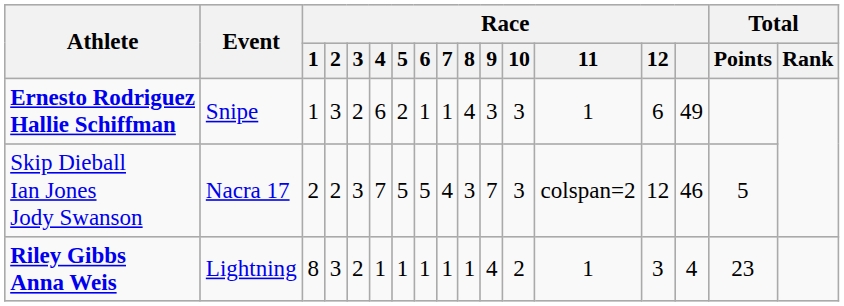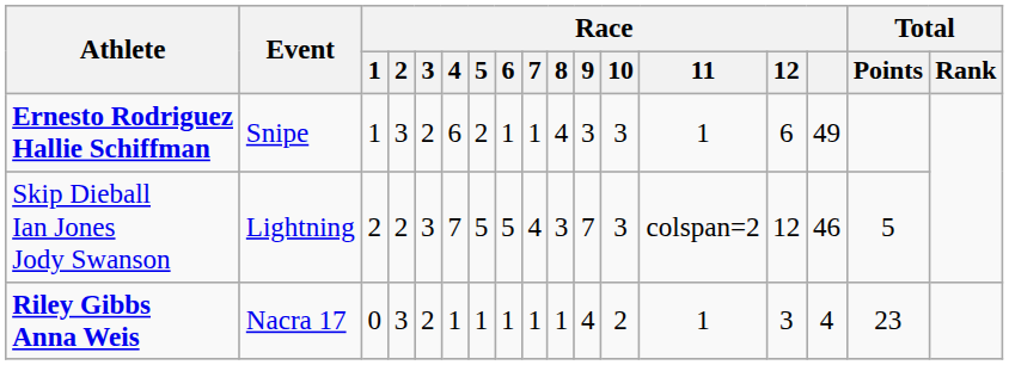 <table class=wikitable style=font-size:90%;text-align:center>
 <tr>
 <th rowspan=2>Athlete</th>
 <th rowspan=2>Event</th>
 <th colspan=13>Race</th>
 <th colspan=2>Total</th>
 </tr>
 <tr style=font-size:95%>
 <th>1</th>
 <th>2</th>
 <th>3</th>
 <th>4</th>
 <th>5</th>
 <th>6</th>
 <th>7</th>
 <th>8</th>
 <th>9</th>
 <th>10</th>
 <th>11</th>
 <th>12</th>
 <th></th>
 <th>Points</th>
 <th>Rank</th>
 </tr>
 <tr>
 <td align=left><strong><a href='#'>Ernesto Rodriguez</a><br><a href='#'>Hallie Schiffman</a></strong></td>
 <td align=left><a href='#'>Snipe</a></td>
 <td>1</td>
 <td>3</td>
 <td>2</td>
 <td>6</td>
 <td>2</td>
 <td>1</td>
 <td>1</td>
 <td>4</td>
 <td>3</td>
 <td>3</td>
 <td>1</td>
 <td>6</td>
 <td>49</td>
 <td></td>
 </tr>
 <tr>
 <td align=left><a href='#'>Skip Dieball</a><br><a href='#'>Ian Jones</a><br><a href='#'>Jody Swanson</a></td>
-<td align=left><a href='#'>Nacra 17</a></td>
+<td align=left><a href='#'>Lightning</a></td>
 <td>2</td>
 <td>2</td>
 <td>3</td>
 <td>7</td>
 <td>5</td>
 <td>5</td>
 <td>4</td>
 <td>3</td>
 <td>7</td>
 <td>3</td>
 <td>colspan=2 </td>
 <td>12<br></td>
 <td>46</td>
 <td>5</td>
 </tr>
 <tr>
 <td align=left><strong><a href='#'>Riley Gibbs</a><br><a href='#'>Anna Weis</a></strong></td>
-<td align=left><a href='#'>Lightning</a></td>
-<td>8</td>
+<td align=left><a href='#'>Nacra 17</a></td>
+<td>0</td>
 <td>3</td>
 <td>2</td>
 <td>1</td>
 <td>1</td>
 <td>1</td>
 <td>1</td>
 <td>1</td>
 <td>4</td>
 <td>2</td>
 <td>1</td>
 <td>3</td>
 <td>4</td>
 <td>23</td>
 <td></td>
 </tr>
 </table>
